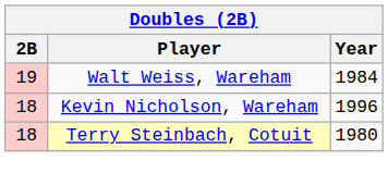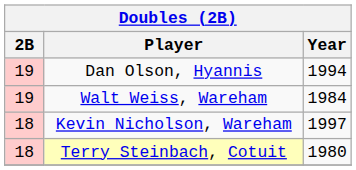 <table class="wikitable" style="display: inline-table; margin-right: 20px; text-align:center">
 <tr>
 <th colspan="3"><a href='#'>Doubles (2B)</a></th>
 </tr>
 <tr>
 <th scope="col" style="width: 25px;">2B</th>
 <th scope="col" style="width: 200px;">Player</th>
 <th scope="col" style="width: 25px;">Year</th>
 </tr>
 <tr>
 <td bgcolor=#ffcccc>19</td>
+<td>Dan Olson, <a href='#'>Hyannis</a></td>
+<td>1994</td>
+</tr>
+<tr>
+<td bgcolor=#ffcccc>19</td>
 <td><a href='#'>Walt Weiss</a>, <a href='#'>Wareham</a></td>
 <td>1984</td>
 </tr>
 <tr>
 <td bgcolor=#ffcccc>18</td>
 <td><a href='#'>Kevin Nicholson</a>, <a href='#'>Wareham</a></td>
-<td>1996</td>
+<td>1997</td>
 </tr>
 <tr>
 <td bgcolor=#ffcccc>18</td>
 <td !scope="row" style="background:#ffb;"><a href='#'>Terry Steinbach</a>, <a href='#'>Cotuit</a></td>
 <td>1980</td>
 </tr>
 <tr>
 </tr>
 </table>
